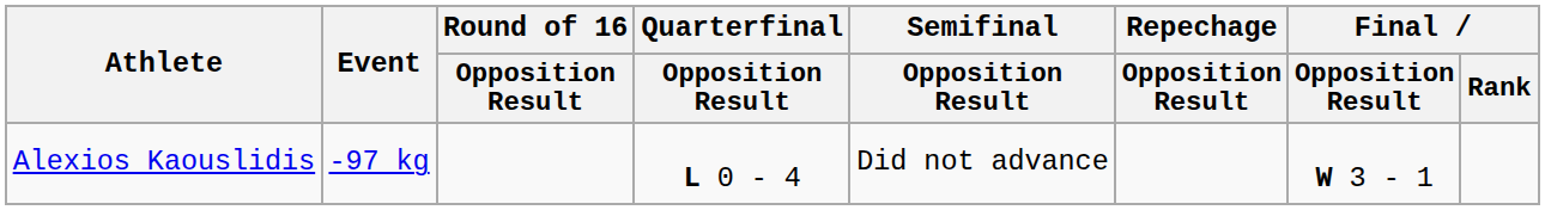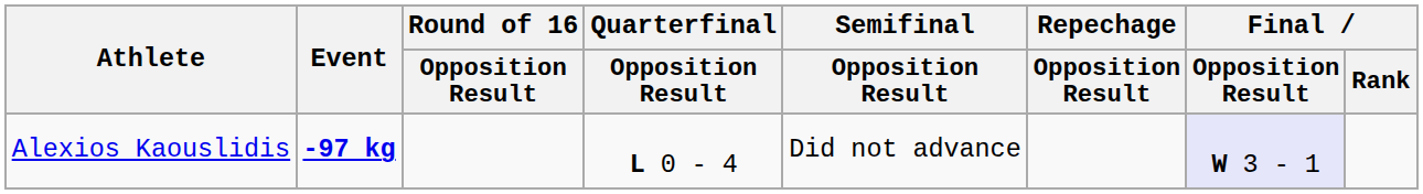 <table class="wikitable" style="font-size:90%;">
 <tr>
 <th rowspan=2>Athlete</th>
 <th rowspan=2>Event</th>
 <th>Round of 16</th>
 <th>Quarterfinal</th>
 <th>Semifinal</th>
 <th>Repechage</th>
 <th colspan=2>Final / </th>
 </tr>
 <tr style="font-size: 95%">
 <th>Opposition<br>Result</th>
 <th>Opposition<br>Result</th>
 <th>Opposition<br>Result</th>
 <th>Opposition<br>Result</th>
 <th>Opposition<br>Result</th>
 <th>Rank</th>
 </tr>
 <tr align=center>
 <td align=left><a href='#'>Alexios Kaouslidis</a></td>
-<td align=left><a href='#'>-97 kg</a></td>
+<td align=left><strong><a href='#'>-97 kg</a></strong></td>
 <td></td>
 <td><br><strong>L</strong> 0 - 4</td>
 <td>Did not advance</td>
 <td></td>
-<td><br><strong>W</strong> 3 - 1</td>
+<td style="background: lavender;"><br><strong>W</strong> 3 - 1</td>
 <td></td>
 </tr>
 </table>
